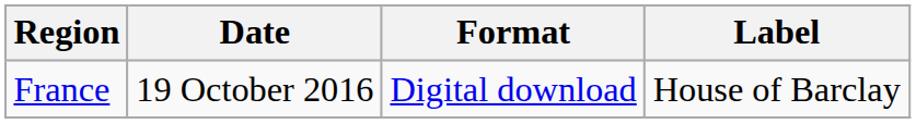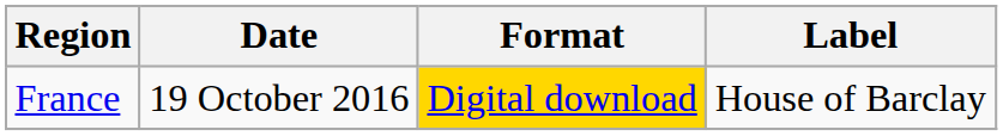 <table class=wikitable>
 <tr>
 <th>Region</th>
 <th>Date</th>
 <th>Format</th>
 <th>Label</th>
 </tr>
 <tr>
 <td><a href='#'>France</a></td>
 <td>19 October 2016</td>
-<td><a href='#'>Digital download</a></td>
+<td style="background: gold;"><a href='#'>Digital download</a></td>
 <td>House of Barclay</td>
 </tr>
 <tr>
 </tr>
 </table>
